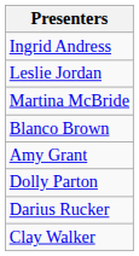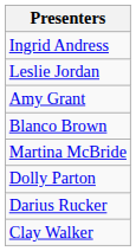 <table class="wikitable" "style-text-align:center;">
 <tr>
 <th>Presenters</th>
 </tr>
 <tr>
 <td><a href='#'>Ingrid Andress</a></td>
 </tr>
 <tr>
 <td><a href='#'>Leslie Jordan</a></td>
 </tr>
 <tr>
-<td><a href='#'>Martina McBride</a></td>
+<td><a href='#'>Amy Grant</a></td>
 </tr>
 <tr>
 <td><a href='#'>Blanco Brown</a></td>
 </tr>
 <tr>
-<td><a href='#'>Amy Grant</a></td>
+<td><a href='#'>Martina McBride</a></td>
 </tr>
 <tr>
 <td><a href='#'>Dolly Parton</a></td>
 </tr>
 <tr>
 <td><a href='#'>Darius Rucker</a></td>
 </tr>
 <tr>
 <td><a href='#'>Clay Walker</a></td>
 </tr>
 </table>
